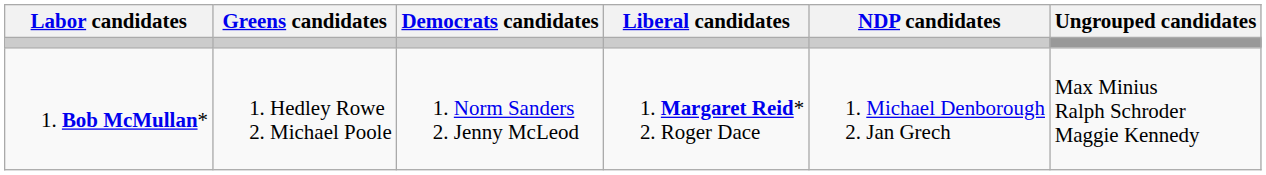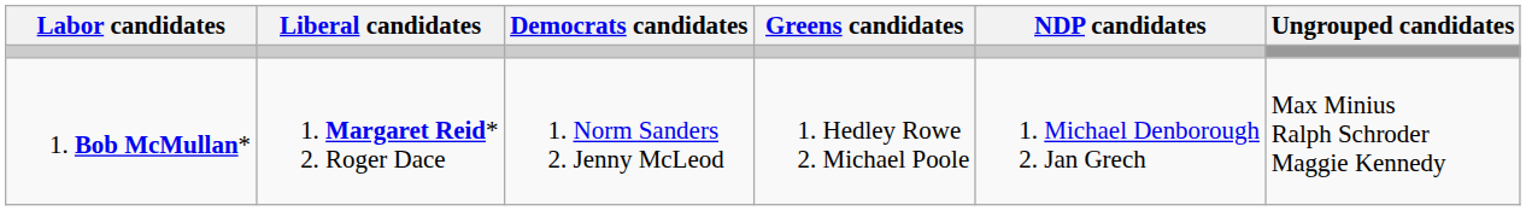 <table class="wikitable">
 <tr>
 <th><a href='#'>Labor</a> candidates</th>
+<th><a href='#'>Liberal</a> candidates</th>
+<th><a href='#'>Democrats</a> candidates</th>
 <th><a href='#'>Greens</a> candidates</th>
-<th><a href='#'>Democrats</a> candidates</th>
-<th><a href='#'>Liberal</a> candidates</th>
 <th><a href='#'>NDP</a> candidates</th>
 <th>Ungrouped candidates</th>
 </tr>
 <tr bgcolor="#cccccc">
 <td></td>
 <td></td>
 <td></td>
 <td></td>
 <td></td>
 <td bgcolor="#999999"></td>
 </tr>
 <tr>
 <td><br><ol><li><strong><a href='#'>Bob McMullan</a></strong>*</li></ol></td>
+<td><br><ol><li><strong><a href='#'>Margaret Reid</a></strong>*</li><li>Roger Dace</li></ol></td>
+<td valign=top><br><ol><li><a href='#'>Norm Sanders</a></li><li>Jenny McLeod</li></ol></td>
 <td valign=top><br><ol><li>Hedley Rowe</li><li>Michael Poole</li></ol></td>
-<td valign=top><br><ol><li><a href='#'>Norm Sanders</a></li><li>Jenny McLeod</li></ol></td>
-<td><br><ol><li><strong><a href='#'>Margaret Reid</a></strong>*</li><li>Roger Dace</li></ol></td>
 <td valign=top><br><ol><li><a href='#'>Michael Denborough</a></li><li>Jan Grech</li></ol></td>
 <td valign=top><br>Max Minius<br> Ralph Schroder<br> Maggie Kennedy</td>
 </tr>
 </table>
